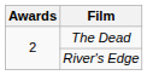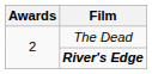 <table class="wikitable" rowspan=2 border=2 style="text-align:center;">
 <tr>
 <th>Awards</th>
 <th>Film</th>
 </tr>
 <tr>
 <td rowspan="2">2</td>
 <td><em>The Dead</em></td>
 </tr>
 <tr>
-<td><em>River's Edge</em></td>
+<td><strong><em>River's Edge</em></strong></td>
 </tr>
 </table>
